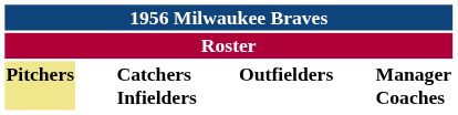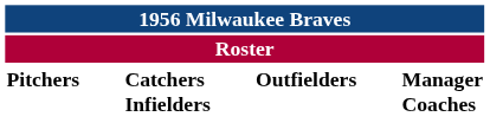 <table class="toccolours" style="font-size: 95%;">
 <tr>
 <th colspan="10" style="background-color: #0f437c; color: white; text-align: center;">1956 Milwaukee Braves</th>
 </tr>
 <tr>
 <td colspan="10" style="background-color: #af0039; color: white; text-align: center;"><strong>Roster</strong></td>
 </tr>
 <tr>
-<td valign="top" style="background: khaki;"><strong>Pitchers</strong><br>             </td>
+<td valign="top"><strong>Pitchers</strong><br>             </td>
 <td width="25px"></td>
 <td valign="top"><strong>Catchers</strong><br>    <strong>Infielders</strong>        </td>
 <td width="25px"></td>
 <td valign="top"><strong>Outfielders</strong><br>      </td>
 <td width="25px"></td>
 <td valign="top"><strong>Manager</strong><br>  <strong>Coaches</strong>    </td>
 </tr>
 </table>
